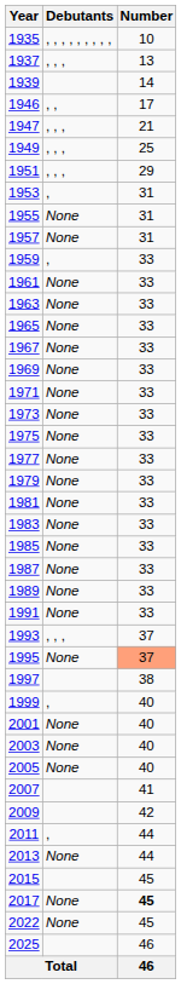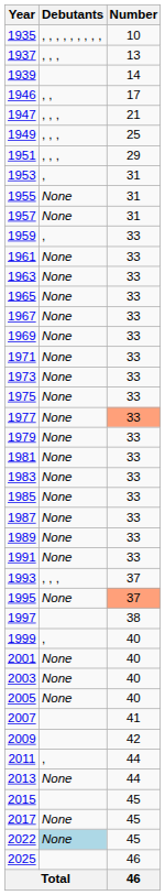 <table class="wikitable" style="text-align:center;">
 <tr>
 <th>Year</th>
 <th>Debutants</th>
 <th>Number</th>
 </tr>
 <tr>
 <td valign=top><a href='#'>1935</a></td>
 <td align=left>, , , , , , , , , </td>
 <td>10</td>
 </tr>
 <tr>
 <td valign=top><a href='#'>1937</a></td>
 <td align=left>, , , </td>
 <td>13</td>
 </tr>
 <tr>
 <td valign=top><a href='#'>1939</a></td>
 <td align=left></td>
 <td>14</td>
 </tr>
 <tr>
 <td valign=top><a href='#'>1946</a></td>
 <td align=left>, , </td>
 <td>17</td>
 </tr>
 <tr>
 <td valign=top><a href='#'>1947</a></td>
 <td align=left>, , , </td>
 <td>21</td>
 </tr>
 <tr>
 <td valign=top><a href='#'>1949</a></td>
 <td align=left>, , , </td>
 <td>25</td>
 </tr>
 <tr>
 <td valign=top><a href='#'>1951</a></td>
 <td align=left>, , , </td>
 <td>29</td>
 </tr>
 <tr>
 <td valign=top><a href='#'>1953</a></td>
 <td align=left>, </td>
 <td>31</td>
 </tr>
 <tr>
 <td valign=top><a href='#'>1955</a></td>
 <td align=left><em>None</em></td>
 <td>31</td>
 </tr>
 <tr>
 <td valign=top><a href='#'>1957</a></td>
 <td align=left><em>None</em></td>
 <td>31</td>
 </tr>
 <tr>
 <td valign=top><a href='#'>1959</a></td>
 <td align=left>, </td>
 <td>33</td>
 </tr>
 <tr>
 <td valign=top><a href='#'>1961</a></td>
 <td align=left><em>None</em></td>
 <td>33</td>
 </tr>
 <tr>
 <td valign=top><a href='#'>1963</a></td>
 <td align=left><em>None</em></td>
 <td>33</td>
 </tr>
 <tr>
 <td valign=top><a href='#'>1965</a></td>
 <td align=left><em>None</em></td>
 <td>33</td>
 </tr>
 <tr>
 <td valign=top><a href='#'>1967</a></td>
 <td align=left><em>None</em></td>
 <td>33</td>
 </tr>
 <tr>
 <td valign=top><a href='#'>1969</a></td>
 <td align=left><em>None</em></td>
 <td>33</td>
 </tr>
 <tr>
 <td valign=top><a href='#'>1971</a></td>
 <td align=left><em>None</em></td>
 <td>33</td>
 </tr>
 <tr>
 <td valign=top><a href='#'>1973</a></td>
 <td align=left><em>None</em></td>
 <td>33</td>
 </tr>
 <tr>
 <td valign=top><a href='#'>1975</a></td>
 <td align=left><em>None</em></td>
 <td>33</td>
 </tr>
 <tr>
 <td valign=top><a href='#'>1977</a></td>
 <td align=left><em>None</em></td>
-<td>33</td>
+<td style="background: lightsalmon;">33</td>
 </tr>
 <tr>
 <td valign=top><a href='#'>1979</a></td>
 <td align=left><em>None</em></td>
 <td>33</td>
 </tr>
 <tr>
 <td valign=top><a href='#'>1981</a></td>
 <td align=left><em>None</em></td>
 <td>33</td>
 </tr>
 <tr>
 <td valign=top><a href='#'>1983</a></td>
 <td align=left><em>None</em></td>
 <td>33</td>
 </tr>
 <tr>
 <td valign=top><a href='#'>1985</a></td>
 <td align=left><em>None</em></td>
 <td>33</td>
 </tr>
 <tr>
 <td valign=top><a href='#'>1987</a></td>
 <td align=left><em>None</em></td>
 <td>33</td>
 </tr>
 <tr>
 <td valign=top><a href='#'>1989</a></td>
 <td align=left><em>None</em></td>
 <td>33</td>
 </tr>
 <tr>
 <td valign=top><a href='#'>1991</a></td>
 <td align=left><em>None</em></td>
 <td>33</td>
 </tr>
 <tr>
 <td valign=top><a href='#'>1993</a></td>
 <td align=left>, , , </td>
 <td>37</td>
 </tr>
 <tr>
 <td valign=top><a href='#'>1995</a></td>
 <td align=left><em>None</em></td>
 <td style="background: lightsalmon;">37</td>
 </tr>
 <tr>
 <td valign=top><a href='#'>1997</a></td>
 <td align=left></td>
 <td>38</td>
 </tr>
 <tr>
 <td valign=top><a href='#'>1999</a></td>
 <td align=left>, </td>
 <td>40</td>
 </tr>
 <tr>
 <td valign=top><a href='#'>2001</a></td>
 <td align=left><em>None</em></td>
 <td>40</td>
 </tr>
 <tr>
 <td valign=top><a href='#'>2003</a></td>
 <td align=left><em>None</em></td>
 <td>40</td>
 </tr>
 <tr>
 <td valign=top><a href='#'>2005</a></td>
 <td align=left><em>None</em></td>
 <td>40</td>
 </tr>
 <tr>
 <td valign=top><a href='#'>2007</a></td>
 <td align=left></td>
 <td>41</td>
 </tr>
 <tr>
 <td valign=top><a href='#'>2009</a></td>
 <td align=left></td>
 <td>42</td>
 </tr>
 <tr>
 <td valign=top><a href='#'>2011</a></td>
 <td align=left>, </td>
 <td>44</td>
 </tr>
 <tr>
 <td valign=top><a href='#'>2013</a></td>
 <td align=left><em>None</em></td>
 <td>44</td>
 </tr>
 <tr>
 <td valign=top><a href='#'>2015</a></td>
 <td align=left></td>
 <td>45</td>
 </tr>
 <tr>
 <td valign=top><a href='#'>2017</a></td>
 <td align=left><em>None</em></td>
-<td><strong>45</strong></td>
+<td>45</td>
 </tr>
 <tr>
 <td valign=top><a href='#'>2022</a></td>
-<td align=left><em>None</em></td>
+<td align=left style="background: lightblue;"><em>None</em></td>
 <td>45</td>
 </tr>
 <tr>
 <td valign=top><a href='#'>2025</a></td>
 <td align=left></td>
 <td>46</td>
 </tr>
 <tr>
 <th colspan=2>Total</th>
 <th>46</th>
 </tr>
 </table>
